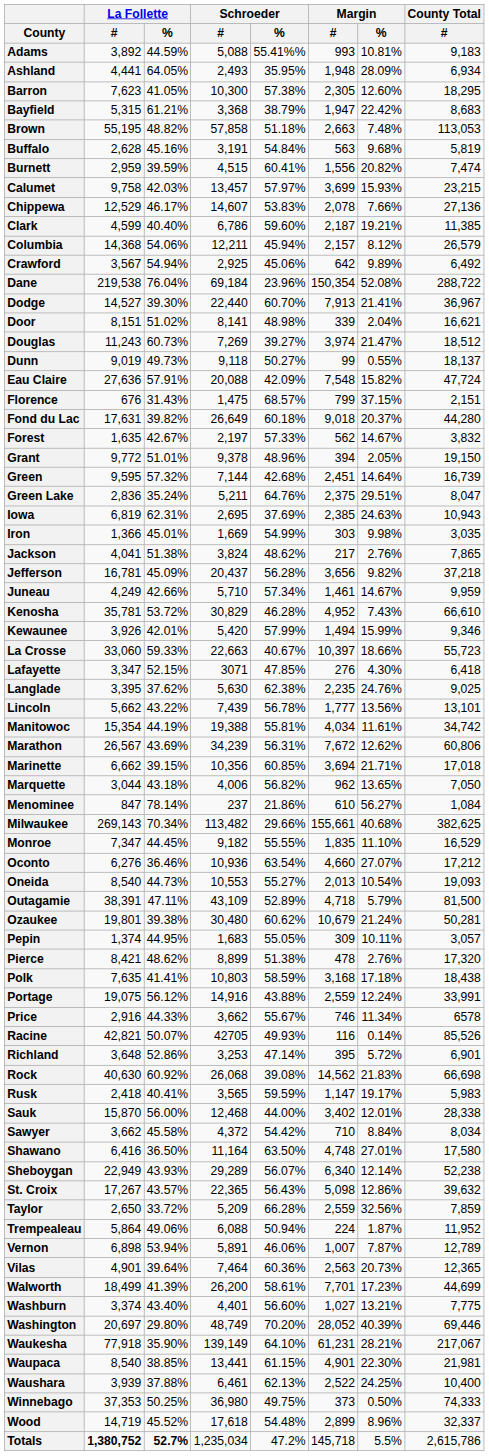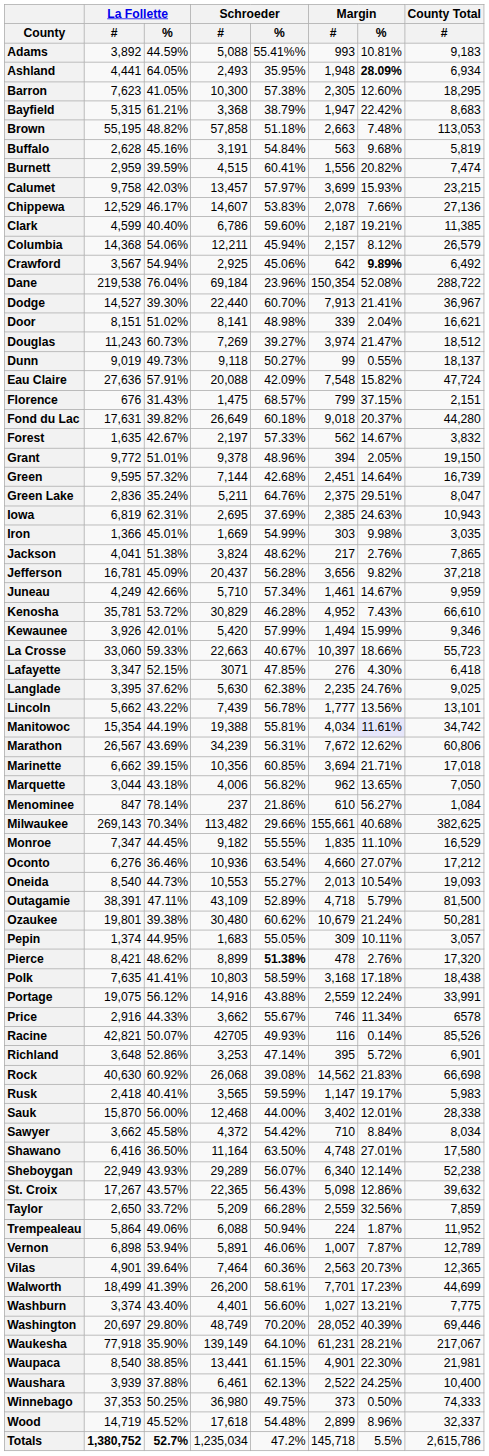 <table class="wikitable sortable" style="text-align:right;">
 <tr>
 <th></th>
 <th style="text-align:center;" colspan="2"><a href='#'>La Follette</a><br></th>
 <th style="text-align:center;" colspan="2">Schroeder<br></th>
 <th style="text-align:center;" colspan="2">Margin</th>
 <th style="text-align:center;">County Total</th>
 </tr>
 <tr>
 <th align=center>County</th>
 <th style="text-align:center;" data-sort- type="number">#</th>
 <th style="text-align:center;" data-sort- type="number">%</th>
 <th style="text-align:center;" data-sort- type="number">#</th>
 <th style="text-align:center;" data-sort- type="number">%</th>
 <th style="text-align:center;" data-sort- type="number">#</th>
 <th style="text-align:center;" data-sort- type="number">%</th>
 <th style="text-align:center;" data-sort- type="number">#</th>
 </tr>
 <tr>
 <th style="text-align:left;">Adams</th>
 <td>3,892</td>
 <td>44.59%</td>
 <td>5,088</td>
 <td>55.41%%</td>
 <td>993</td>
 <td>10.81%</td>
 <td>9,183</td>
 </tr>
 <tr>
 <th style="text-align:left;">Ashland</th>
 <td>4,441</td>
 <td>64.05%</td>
 <td>2,493</td>
 <td>35.95%</td>
 <td>1,948</td>
-<td>28.09%</td>
+<td><strong>28.09%</strong></td>
 <td>6,934</td>
 </tr>
 <tr>
 <th style="text-align:left;">Barron</th>
 <td>7,623</td>
 <td>41.05%</td>
 <td>10,300</td>
 <td>57.38%</td>
 <td>2,305</td>
 <td>12.60%</td>
 <td>18,295</td>
 </tr>
 <tr>
 <th style="text-align:left;">Bayfield</th>
 <td>5,315</td>
 <td>61.21%</td>
 <td>3,368</td>
 <td>38.79%</td>
 <td>1,947</td>
 <td>22.42%</td>
 <td>8,683</td>
 </tr>
 <tr>
 <th style="text-align:left;">Brown</th>
 <td>55,195</td>
 <td>48.82%</td>
 <td>57,858</td>
 <td>51.18%</td>
 <td>2,663</td>
 <td>7.48%</td>
 <td>113,053</td>
 </tr>
 <tr>
 <th style="text-align:left;">Buffalo</th>
 <td>2,628</td>
 <td>45.16%</td>
 <td>3,191</td>
 <td>54.84%</td>
 <td>563</td>
 <td>9.68%</td>
 <td>5,819</td>
 </tr>
 <tr>
 <th style="text-align:left;">Burnett</th>
 <td>2,959</td>
 <td>39.59%</td>
 <td>4,515</td>
 <td>60.41%</td>
 <td>1,556</td>
 <td>20.82%</td>
 <td>7,474</td>
 </tr>
 <tr>
 <th style="text-align:left;">Calumet</th>
 <td>9,758</td>
 <td>42.03%</td>
 <td>13,457</td>
 <td>57.97%</td>
 <td>3,699</td>
 <td>15.93%</td>
 <td>23,215</td>
 </tr>
 <tr>
 <th style="text-align:left;">Chippewa</th>
 <td>12,529</td>
 <td>46.17%</td>
 <td>14,607</td>
 <td>53.83%</td>
 <td>2,078</td>
 <td>7.66%</td>
 <td>27,136</td>
 </tr>
 <tr>
 <th style="text-align:left;">Clark</th>
 <td>4,599</td>
 <td>40.40%</td>
 <td>6,786</td>
 <td>59.60%</td>
 <td>2,187</td>
 <td>19.21%</td>
 <td>11,385</td>
 </tr>
 <tr>
 <th style="text-align:left;">Columbia</th>
 <td>14,368</td>
 <td>54.06%</td>
 <td>12,211</td>
 <td>45.94%</td>
 <td>2,157</td>
 <td>8.12%</td>
 <td>26,579</td>
 </tr>
 <tr>
 <th style="text-align:left;">Crawford</th>
 <td>3,567</td>
 <td>54.94%</td>
 <td>2,925</td>
 <td>45.06%</td>
 <td>642</td>
-<td>9.89%</td>
+<td><strong>9.89%</strong></td>
 <td>6,492</td>
 </tr>
 <tr }>
 <th style="text-align:left;">Dane</th>
 <td>219,538</td>
 <td>76.04%</td>
 <td>69,184</td>
 <td>23.96%</td>
 <td>150,354</td>
 <td>52.08%</td>
 <td>288,722</td>
 </tr>
 <tr>
 <th style="text-align:left;">Dodge</th>
 <td>14,527</td>
 <td>39.30%</td>
 <td>22,440</td>
 <td>60.70%</td>
 <td>7,913</td>
 <td>21.41%</td>
 <td>36,967</td>
 </tr>
 <tr>
 <th style="text-align:left;">Door</th>
 <td>8,151</td>
 <td>51.02%</td>
 <td>8,141</td>
 <td>48.98%</td>
 <td>339</td>
 <td>2.04%</td>
 <td>16,621</td>
 </tr>
 <tr>
 <th style="text-align:left;">Douglas</th>
 <td>11,243</td>
 <td>60.73%</td>
 <td>7,269</td>
 <td>39.27%</td>
 <td>3,974</td>
 <td>21.47%</td>
 <td>18,512</td>
 </tr>
 <tr>
 <th style="text-align:left;">Dunn</th>
 <td>9,019</td>
 <td>49.73%</td>
 <td>9,118</td>
 <td>50.27%</td>
 <td>99</td>
 <td>0.55%</td>
 <td>18,137</td>
 </tr>
 <tr>
 <th style="text-align:left;">Eau Claire</th>
 <td>27,636</td>
 <td>57.91%</td>
 <td>20,088</td>
 <td>42.09%</td>
 <td>7,548</td>
 <td>15.82%</td>
 <td>47,724</td>
 </tr>
 <tr>
 <th style="text-align:left;">Florence</th>
 <td>676</td>
 <td>31.43%</td>
 <td>1,475</td>
 <td>68.57%</td>
 <td>799</td>
 <td>37.15%</td>
 <td>2,151</td>
 </tr>
 <tr>
 <th style="text-align:left;">Fond du Lac</th>
 <td>17,631</td>
 <td>39.82%</td>
 <td>26,649</td>
 <td>60.18%</td>
 <td>9,018</td>
 <td>20.37%</td>
 <td>44,280</td>
 </tr>
 <tr>
 <th style="text-align:left;">Forest</th>
 <td>1,635</td>
 <td>42.67%</td>
 <td>2,197</td>
 <td>57.33%</td>
 <td>562</td>
 <td>14.67%</td>
 <td>3,832</td>
 </tr>
 <tr>
 <th style="text-align:left;">Grant</th>
 <td>9,772</td>
 <td>51.01%</td>
 <td>9,378</td>
 <td>48.96%</td>
 <td>394</td>
 <td>2.05%</td>
 <td>19,150</td>
 </tr>
 <tr>
 <th style="text-align:left;">Green</th>
 <td>9,595</td>
 <td>57.32%</td>
 <td>7,144</td>
 <td>42.68%</td>
 <td>2,451</td>
 <td>14.64%</td>
 <td>16,739</td>
 </tr>
 <tr>
 <th style="text-align:left;">Green Lake</th>
 <td>2,836</td>
 <td>35.24%</td>
 <td>5,211</td>
 <td>64.76%</td>
 <td>2,375</td>
 <td>29.51%</td>
 <td>8,047</td>
 </tr>
 <tr>
 <th style="text-align:left;">Iowa</th>
 <td>6,819</td>
 <td>62.31%</td>
 <td>2,695</td>
 <td>37.69%</td>
 <td>2,385</td>
 <td>24.63%</td>
 <td>10,943</td>
 </tr>
 <tr>
 <th style="text-align:left;">Iron</th>
 <td>1,366</td>
 <td>45.01%</td>
 <td>1,669</td>
 <td>54.99%</td>
 <td>303</td>
 <td>9.98%</td>
 <td>3,035</td>
 </tr>
 <tr>
 <th style="text-align:left;">Jackson</th>
 <td>4,041</td>
 <td>51.38%</td>
 <td>3,824</td>
 <td>48.62%</td>
 <td>217</td>
 <td>2.76%</td>
 <td>7,865</td>
 </tr>
 <tr>
 <th style="text-align:left;">Jefferson</th>
 <td>16,781</td>
 <td>45.09%</td>
 <td>20,437</td>
 <td>56.28%</td>
 <td>3,656</td>
 <td>9.82%</td>
 <td>37,218</td>
 </tr>
 <tr>
 <th style="text-align:left;">Juneau</th>
 <td>4,249</td>
 <td>42.66%</td>
 <td>5,710</td>
 <td>57.34%</td>
 <td>1,461</td>
 <td>14.67%</td>
 <td>9,959</td>
 </tr>
 <tr>
 <th style="text-align:left;">Kenosha</th>
 <td>35,781</td>
 <td>53.72%</td>
 <td>30,829</td>
 <td>46.28%</td>
 <td>4,952</td>
 <td>7.43%</td>
 <td>66,610</td>
 </tr>
 <tr>
 <th style="text-align:left;">Kewaunee</th>
 <td>3,926</td>
 <td>42.01%</td>
 <td>5,420</td>
 <td>57.99%</td>
 <td>1,494</td>
 <td>15.99%</td>
 <td>9,346</td>
 </tr>
 <tr>
 <th style="text-align:left;">La Crosse</th>
 <td>33,060</td>
 <td>59.33%</td>
 <td>22,663</td>
 <td>40.67%</td>
 <td>10,397</td>
 <td>18.66%</td>
 <td>55,723</td>
 </tr>
 <tr>
 <th style="text-align:left;">Lafayette</th>
 <td>3,347</td>
 <td>52.15%</td>
 <td>3071</td>
 <td>47.85%</td>
 <td>276</td>
 <td>4.30%</td>
 <td>6,418</td>
 </tr>
 <tr>
 <th style="text-align:left;">Langlade</th>
 <td>3,395</td>
 <td>37.62%</td>
 <td>5,630</td>
 <td>62.38%</td>
 <td>2,235</td>
 <td>24.76%</td>
 <td>9,025</td>
 </tr>
 <tr>
 <th style="text-align:left;">Lincoln</th>
 <td>5,662</td>
 <td>43.22%</td>
 <td>7,439</td>
 <td>56.78%</td>
 <td>1,777</td>
 <td>13.56%</td>
 <td>13,101</td>
 </tr>
 <tr>
 <th style="text-align:left;">Manitowoc</th>
 <td>15,354</td>
 <td>44.19%</td>
 <td>19,388</td>
 <td>55.81%</td>
 <td>4,034</td>
-<td>11.61%</td>
+<td style="background: lavender;">11.61%</td>
 <td>34,742</td>
 </tr>
 <tr>
 <th style="text-align:left;">Marathon</th>
 <td>26,567</td>
 <td>43.69%</td>
 <td>34,239</td>
 <td>56.31%</td>
 <td>7,672</td>
 <td>12.62%</td>
 <td>60,806</td>
 </tr>
 <tr>
 <th style="text-align:left;">Marinette</th>
 <td>6,662</td>
 <td>39.15%</td>
 <td>10,356</td>
 <td>60.85%</td>
 <td>3,694</td>
 <td>21.71%</td>
 <td>17,018</td>
 </tr>
 <tr>
 <th style="text-align:left;">Marquette</th>
 <td>3,044</td>
 <td>43.18%</td>
 <td>4,006</td>
 <td>56.82%</td>
 <td>962</td>
 <td>13.65%</td>
 <td>7,050</td>
 </tr>
 <tr>
 <th style="text-align:left;">Menominee</th>
 <td>847</td>
 <td>78.14%</td>
 <td>237</td>
 <td>21.86%</td>
 <td>610</td>
 <td>56.27%</td>
 <td>1,084</td>
 </tr>
 <tr>
 <th style="text-align:left;">Milwaukee</th>
 <td>269,143</td>
 <td>70.34%</td>
 <td>113,482</td>
 <td>29.66%</td>
 <td>155,661</td>
 <td>40.68%</td>
 <td>382,625</td>
 </tr>
 <tr>
 <th style="text-align:left;">Monroe</th>
 <td>7,347</td>
 <td>44.45%</td>
 <td>9,182</td>
 <td>55.55%</td>
 <td>1,835</td>
 <td>11.10%</td>
 <td>16,529</td>
 </tr>
 <tr>
 <th style="text-align:left;">Oconto</th>
 <td>6,276</td>
 <td>36.46%</td>
 <td>10,936</td>
 <td>63.54%</td>
 <td>4,660</td>
 <td>27.07%</td>
 <td>17,212</td>
 </tr>
 <tr>
 <th style="text-align:left;">Oneida</th>
 <td>8,540</td>
 <td>44.73%</td>
 <td>10,553</td>
 <td>55.27%</td>
 <td>2,013</td>
 <td>10.54%</td>
 <td>19,093</td>
 </tr>
 <tr>
 <th style="text-align:left;">Outagamie</th>
 <td>38,391</td>
 <td>47.11%</td>
 <td>43,109</td>
 <td>52.89%</td>
 <td>4,718</td>
 <td>5.79%</td>
 <td>81,500</td>
 </tr>
 <tr>
 <th style="text-align:left;">Ozaukee</th>
 <td>19,801</td>
 <td>39.38%</td>
 <td>30,480</td>
 <td>60.62%</td>
 <td>10,679</td>
 <td>21.24%</td>
 <td>50,281</td>
 </tr>
 <tr>
 <th style="text-align:left;">Pepin</th>
 <td>1,374</td>
 <td>44.95%</td>
 <td>1,683</td>
 <td>55.05%</td>
 <td>309</td>
 <td>10.11%</td>
 <td>3,057</td>
 </tr>
 <tr>
 <th style="text-align:left;">Pierce</th>
 <td>8,421</td>
 <td>48.62%</td>
 <td>8,899</td>
-<td>51.38%</td>
+<td><strong>51.38%</strong></td>
 <td>478</td>
 <td>2.76%</td>
 <td>17,320</td>
 </tr>
 <tr>
 <th style="text-align:left;">Polk</th>
 <td>7,635</td>
 <td>41.41%</td>
 <td>10,803</td>
 <td>58.59%</td>
 <td>3,168</td>
 <td>17.18%</td>
 <td>18,438</td>
 </tr>
 <tr>
 <th style="text-align:left;">Portage</th>
 <td>19,075</td>
 <td>56.12%</td>
 <td>14,916</td>
 <td>43.88%</td>
 <td>2,559</td>
 <td>12.24%</td>
 <td>33,991</td>
 </tr>
 <tr>
 <th style="text-align:left;">Price</th>
 <td>2,916</td>
 <td>44.33%</td>
 <td>3,662</td>
 <td>55.67%</td>
 <td>746</td>
 <td>11.34%</td>
 <td>6578</td>
 </tr>
 <tr>
 <th style="text-align:left;">Racine</th>
 <td>42,821</td>
 <td>50.07%</td>
 <td>42705</td>
 <td>49.93%</td>
 <td>116</td>
 <td>0.14%</td>
 <td>85,526</td>
 </tr>
 <tr>
 <th style="text-align:left;">Richland</th>
 <td>3,648</td>
 <td>52.86%</td>
 <td>3,253</td>
 <td>47.14%</td>
 <td>395</td>
 <td>5.72%</td>
 <td>6,901</td>
 </tr>
 <tr>
 <th style="text-align:left;">Rock</th>
 <td>40,630</td>
 <td>60.92%</td>
 <td>26,068</td>
 <td>39.08%</td>
 <td>14,562</td>
 <td>21.83%</td>
 <td>66,698</td>
 </tr>
 <tr>
 <th style="text-align:left;">Rusk</th>
 <td>2,418</td>
 <td>40.41%</td>
 <td>3,565</td>
 <td>59.59%</td>
 <td>1,147</td>
 <td>19.17%</td>
 <td>5,983</td>
 </tr>
 <tr>
 <th style="text-align:left;">Sauk</th>
 <td>15,870</td>
 <td>56.00%</td>
 <td>12,468</td>
 <td>44.00%</td>
 <td>3,402</td>
 <td>12.01%</td>
 <td>28,338</td>
 </tr>
 <tr>
 <th style="text-align:left;">Sawyer</th>
 <td>3,662</td>
 <td>45.58%</td>
 <td>4,372</td>
 <td>54.42%</td>
 <td>710</td>
 <td>8.84%</td>
 <td>8,034</td>
 </tr>
 <tr>
 <th style="text-align:left;">Shawano</th>
 <td>6,416</td>
 <td>36.50%</td>
 <td>11,164</td>
 <td>63.50%</td>
 <td>4,748</td>
 <td>27.01%</td>
 <td>17,580</td>
 </tr>
 <tr>
 <th style="text-align:left;">Sheboygan</th>
 <td>22,949</td>
 <td>43.93%</td>
 <td>29,289</td>
 <td>56.07%</td>
 <td>6,340</td>
 <td>12.14%</td>
 <td>52,238</td>
 </tr>
 <tr>
 <th style="text-align:left;">St. Croix</th>
 <td>17,267</td>
 <td>43.57%</td>
 <td>22,365</td>
 <td>56.43%</td>
 <td>5,098</td>
 <td>12.86%</td>
 <td>39,632</td>
 </tr>
 <tr>
 <th style="text-align:left;">Taylor</th>
 <td>2,650</td>
 <td>33.72%</td>
 <td>5,209</td>
 <td>66.28%</td>
 <td>2,559</td>
 <td>32.56%</td>
 <td>7,859</td>
 </tr>
 <tr>
 <th style="text-align:left;">Trempealeau</th>
 <td>5,864</td>
 <td>49.06%</td>
 <td>6,088</td>
 <td>50.94%</td>
 <td>224</td>
 <td>1.87%</td>
 <td>11,952</td>
 </tr>
 <tr>
 <th style="text-align:left;">Vernon</th>
 <td>6,898</td>
 <td>53.94%</td>
 <td>5,891</td>
 <td>46.06%</td>
 <td>1,007</td>
 <td>7.87%</td>
 <td>12,789</td>
 </tr>
 <tr>
 <th style="text-align:left;">Vilas</th>
 <td>4,901</td>
 <td>39.64%</td>
 <td>7,464</td>
 <td>60.36%</td>
 <td>2,563</td>
 <td>20.73%</td>
 <td>12,365</td>
 </tr>
 <tr>
 <th style="text-align:left;">Walworth</th>
 <td>18,499</td>
 <td>41.39%</td>
 <td>26,200</td>
 <td>58.61%</td>
 <td>7,701</td>
 <td>17.23%</td>
 <td>44,699</td>
 </tr>
 <tr>
 <th style="text-align:left;">Washburn</th>
 <td>3,374</td>
 <td>43.40%</td>
 <td>4,401</td>
 <td>56.60%</td>
 <td>1,027</td>
 <td>13.21%</td>
 <td>7,775</td>
 </tr>
 <tr>
 <th style="text-align:left;">Washington</th>
 <td>20,697</td>
 <td>29.80%</td>
 <td>48,749</td>
 <td>70.20%</td>
 <td>28,052</td>
 <td>40.39%</td>
 <td>69,446</td>
 </tr>
 <tr>
 <th style="text-align:left;">Waukesha</th>
 <td>77,918</td>
 <td>35.90%</td>
 <td>139,149</td>
 <td>64.10%</td>
 <td>61,231</td>
 <td>28.21%</td>
 <td>217,067</td>
 </tr>
 <tr>
 <th style="text-align:left;">Waupaca</th>
 <td>8,540</td>
 <td>38.85%</td>
 <td>13,441</td>
 <td>61.15%</td>
 <td>4,901</td>
 <td>22.30%</td>
 <td>21,981</td>
 </tr>
 <tr>
 <th style="text-align:left;">Waushara</th>
 <td>3,939</td>
 <td>37.88%</td>
 <td>6,461</td>
 <td>62.13%</td>
 <td>2,522</td>
 <td>24.25%</td>
 <td>10,400</td>
 </tr>
 <tr>
 <th style="text-align:left;">Winnebago</th>
 <td>37,353</td>
 <td>50.25%</td>
 <td>36,980</td>
 <td>49.75%</td>
 <td>373</td>
 <td>0.50%</td>
 <td>74,333</td>
 </tr>
 <tr>
 <th style="text-align:left;">Wood</th>
 <td>14,719</td>
 <td>45.52%</td>
 <td>17,618</td>
 <td>54.48%</td>
 <td>2,899</td>
 <td>8.96%</td>
 <td>32,337</td>
 </tr>
 <tr>
 <th style="text-align:left;">Totals</th>
 <td><strong>1,380,752</strong></td>
 <td><strong>52.7%</strong></td>
 <td>1,235,034</td>
 <td>47.2%</td>
 <td>145,718</td>
 <td>5.5%</td>
 <td>2,615,786</td>
 </tr>
 </table>
